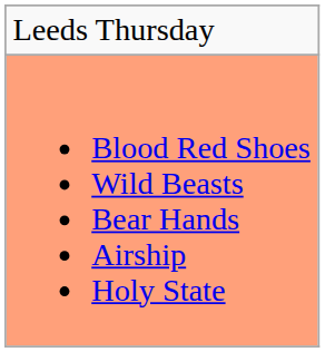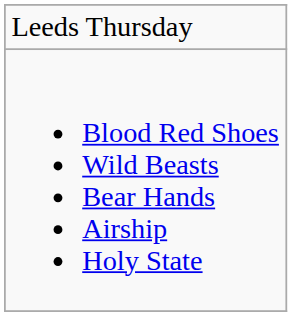 <table class="wikitable">
 <tr>
 <td>Leeds Thursday</td>
 </tr>
 <tr>
-<td style="background: lightsalmon;"><br><ul><li><a href='#'>Blood Red Shoes</a></li><li><a href='#'>Wild Beasts</a></li><li><a href='#'>Bear Hands</a></li><li><a href='#'>Airship</a></li><li><a href='#'>Holy State</a></li></ul></td>
+<td><br><ul><li><a href='#'>Blood Red Shoes</a></li><li><a href='#'>Wild Beasts</a></li><li><a href='#'>Bear Hands</a></li><li><a href='#'>Airship</a></li><li><a href='#'>Holy State</a></li></ul></td>
 </tr>
 </table>
